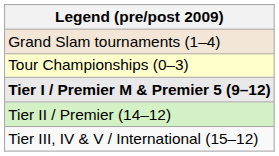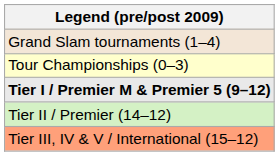 <table class="wikitable" style="font-size:90%;">
 <tr>
 <th>Legend (pre/post 2009)</th>
 </tr>
 <tr>
 <td style="background:#f3e6d7;">Grand Slam tournaments (1–4)</td>
 </tr>
 <tr>
 <td style="background:#ffffcc;">Tour Championships (0–3)</td>
 </tr>
 <tr>
 <td style="background:#e9e9e9;"><strong>Tier I / Premier M & Premier 5 (9–12)</strong></td>
 </tr>
 <tr>
 <td style="background:#d4f1c5;">Tier II / Premier (14–12)</td>
 </tr>
 <tr>
-<td>Tier III, IV & V / International (15–12)</td>
+<td style="background: lightsalmon;">Tier III, IV & V / International (15–12)</td>
 </tr>
 </table>
